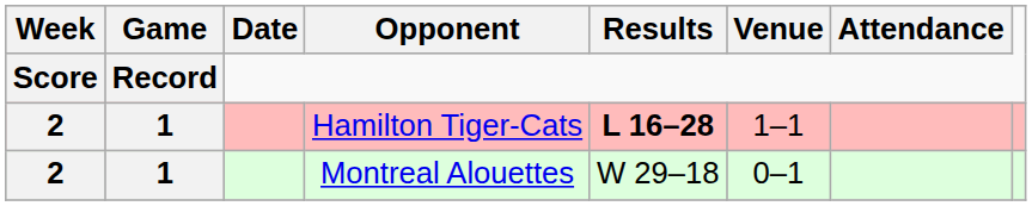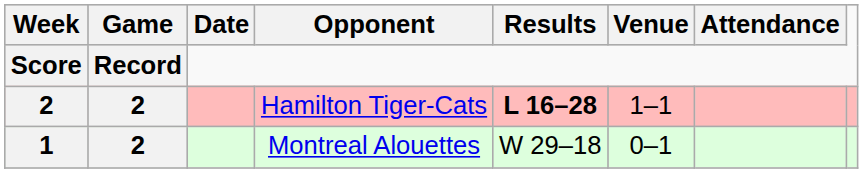 <table class="wikitable" style="text-align:center">
 <tr>
 <th>Week</th>
 <th>Game</th>
 <th>Date</th>
 <th>Opponent</th>
 <th>Results</th>
 <th>Venue</th>
 <th>Attendance</th>
 </tr>
 <tr>
 <th>Score</th>
 <th>Record</th>
 </tr>
 <tr style="background:#ffbbbb">
 <th>2</th>
-<th>1</th>
+<th>2</th>
 <td></td>
 <td><a href='#'>Hamilton Tiger-Cats</a></td>
 <td><strong>L 16–28</strong></td>
 <td>1–1</td>
 <td></td>
 <td></td>
 </tr>
 <tr style="background:#ddffdd">
+<th>1</th>
 <th>2</th>
-<th>1</th>
 <td></td>
 <td><a href='#'>Montreal Alouettes</a></td>
 <td>W 29–18</td>
 <td>0–1</td>
 <td></td>
 <td></td>
 </tr>
 </table>
